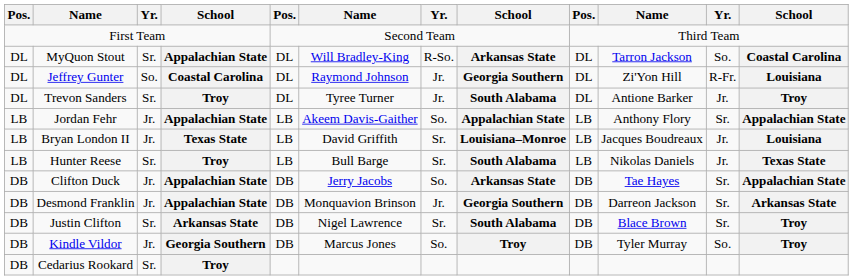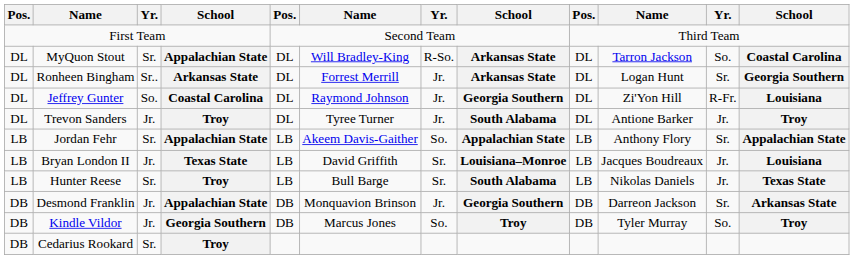 <table class="wikitable">
 <tr>
 <th>Pos.</th>
 <th>Name</th>
 <th>Yr.</th>
 <th>School</th>
 <th>Pos.</th>
 <th>Name</th>
 <th>Yr.</th>
 <th>School</th>
 <th>Pos.</th>
 <th>Name</th>
 <th>Yr.</th>
 <th>School</th>
 </tr>
 <tr>
 <td colspan="4" style="text-align:center;">First Team</td>
 <td colspan="4" style="text-align:center;">Second Team</td>
 <td colspan="4" style="text-align:center;">Third Team</td>
 </tr>
 <tr style="text-align:center;">
 <td>DL</td>
 <td>MyQuon Stout</td>
 <td>Sr.</td>
 <th>Appalachian State</th>
 <td>DL</td>
 <td><a href='#'>Will Bradley-King</a></td>
 <td>R-So.</td>
 <th>Arkansas State</th>
 <td>DL</td>
 <td><a href='#'>Tarron Jackson</a></td>
 <td>So.</td>
 <th>Coastal Carolina</th>
 </tr>
 <tr style="text-align:center;">
 <td>DL</td>
+<td>Ronheen Bingham</td>
+<td>Sr..</td>
+<th>Arkansas State</th>
+<td>DL</td>
+<td><a href='#'>Forrest Merrill</a></td>
+<td>Jr.</td>
+<th>Arkansas State</th>
+<td>DL</td>
+<td>Logan Hunt</td>
+<td>Sr.</td>
+<th>Georgia Southern</th>
+</tr>
+<tr style="text-align:center;">
+<td>DL</td>
 <td><a href='#'>Jeffrey Gunter</a></td>
 <td>So.</td>
 <th>Coastal Carolina</th>
 <td>DL</td>
 <td><a href='#'>Raymond Johnson</a></td>
 <td>Jr.</td>
 <th>Georgia Southern</th>
 <td>DL</td>
 <td>Zi'Yon Hill</td>
 <td>R-Fr.</td>
 <th>Louisiana</th>
 </tr>
 <tr style="text-align:center;">
 <td>DL</td>
 <td>Trevon Sanders</td>
-<td>Sr.</td>
+<td>Jr.</td>
 <th>Troy</th>
 <td>DL</td>
 <td>Tyree Turner</td>
 <td>Jr.</td>
 <th>South Alabama</th>
 <td>DL</td>
 <td>Antione Barker</td>
 <td>Jr.</td>
 <th>Troy</th>
 </tr>
 <tr style="text-align:center;">
 <td>LB</td>
 <td>Jordan Fehr</td>
-<td>Jr.</td>
+<td>Sr.</td>
 <th>Appalachian State</th>
 <td>LB</td>
 <td><a href='#'>Akeem Davis-Gaither</a></td>
 <td>So.</td>
 <th>Appalachian State</th>
 <td>LB</td>
 <td>Anthony Flory</td>
 <td>Sr.</td>
 <th>Appalachian State</th>
 </tr>
 <tr style="text-align:center;">
 <td>LB</td>
 <td>Bryan London II</td>
 <td>Jr.</td>
 <th>Texas State</th>
 <td>LB</td>
 <td>David Griffith</td>
 <td>Sr.</td>
 <th>Louisiana–Monroe</th>
 <td>LB</td>
 <td>Jacques Boudreaux</td>
 <td>Jr.</td>
 <th>Louisiana</th>
 </tr>
 <tr style="text-align:center;">
 <td>LB</td>
 <td>Hunter Reese</td>
 <td>Sr.</td>
 <th>Troy</th>
 <td>LB</td>
 <td>Bull Barge</td>
 <td>Sr.</td>
 <th>South Alabama</th>
 <td>LB</td>
 <td>Nikolas Daniels</td>
 <td>Jr.</td>
 <th>Texas State</th>
 </tr>
 <tr style="text-align:center;">
 <td>DB</td>
-<td>Clifton Duck</td>
-<td>Jr.</td>
-<th>Appalachian State</th>
-<td>DB</td>
-<td><a href='#'>Jerry Jacobs</a></td>
-<td>So.</td>
-<th>Arkansas State</th>
-<td>DB</td>
-<td><a href='#'>Tae Hayes</a></td>
-<td>Sr.</td>
-<th>Appalachian State</th>
-</tr>
-<tr style="text-align:center;">
-<td>DB</td>
 <td>Desmond Franklin</td>
 <td>Jr.</td>
 <th>Appalachian State</th>
 <td>DB</td>
 <td>Monquavion Brinson</td>
 <td>Jr.</td>
 <th>Georgia Southern</th>
 <td>DB</td>
 <td>Darreon Jackson</td>
 <td>Sr.</td>
 <th>Arkansas State</th>
-</tr>
-<tr style="text-align:center;">
-<td>DB</td>
-<td>Justin Clifton</td>
-<td>Sr.</td>
-<th>Arkansas State</th>
-<td>DB</td>
-<td>Nigel Lawrence</td>
-<td>Sr.</td>
-<th>South Alabama</th>
-<td>DB</td>
-<td><a href='#'>Blace Brown</a></td>
-<td>Sr.</td>
-<th>Troy</th>
 </tr>
 <tr style="text-align:center;">
 <td>DB</td>
 <td><a href='#'>Kindle Vildor</a></td>
 <td>Jr.</td>
 <th>Georgia Southern</th>
 <td>DB</td>
 <td>Marcus Jones</td>
 <td>So.</td>
 <th>Troy</th>
 <td>DB</td>
 <td>Tyler Murray</td>
 <td>So.</td>
 <th>Troy</th>
 </tr>
 <tr style="text-align:center;">
 <td>DB</td>
 <td>Cedarius Rookard</td>
 <td>Sr.</td>
 <th>Troy</th>
 <td></td>
 <td></td>
 <td></td>
 <td></td>
 <td></td>
 <td></td>
 <td></td>
 <td></td>
 </tr>
 </table>
